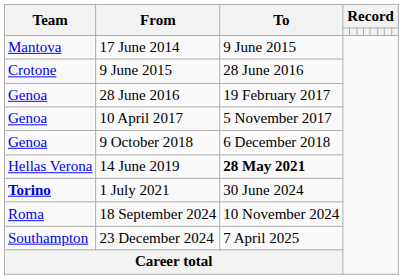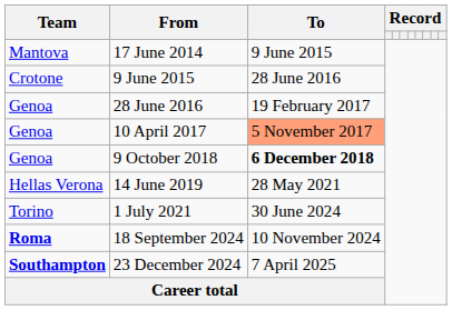 <table class="wikitable" style="text-align: center">
 <tr>
 <th rowspan="2">Team</th>
 <th rowspan="2">From</th>
 <th rowspan="2">To</th>
 <th colspan=8>Record</th>
 </tr>
 <tr>
 <th></th>
 <th></th>
 <th></th>
 <th></th>
 <th></th>
 <th></th>
 <th></th>
 <th></th>
 </tr>
 <tr>
 <td align=left><a href='#'>Mantova</a></td>
 <td align=left>17 June 2014</td>
 <td align=left>9 June 2015<br></td>
 </tr>
 <tr>
 <td align=left><a href='#'>Crotone</a></td>
 <td align=left>9 June 2015</td>
 <td align=left>28 June 2016<br></td>
 </tr>
 <tr>
 <td align=left><a href='#'>Genoa</a></td>
 <td align=left>28 June 2016</td>
 <td align=left>19 February 2017<br></td>
 </tr>
 <tr>
 <td align=left><a href='#'>Genoa</a></td>
 <td align=left>10 April 2017</td>
-<td align=left>5 November 2017<br></td>
+<td align=left style="background: lightsalmon;">5 November 2017<br></td>
 </tr>
 <tr>
 <td align=left><a href='#'>Genoa</a></td>
 <td align=left>9 October 2018</td>
-<td align=left>6 December 2018<br></td>
+<td align=left><strong>6 December 2018<br></strong></td>
 </tr>
 <tr>
 <td align=left><a href='#'>Hellas Verona</a></td>
 <td align=left>14 June 2019</td>
-<td align=left><strong>28 May 2021<br></strong></td>
+<td align=left>28 May 2021<br></td>
 </tr>
 <tr>
-<td align=left><strong><a href='#'>Torino</a></strong></td>
+<td align=left><a href='#'>Torino</a></td>
 <td align=left>1 July 2021</td>
 <td align=left>30 June 2024<br></td>
 </tr>
 <tr>
-<td align=left><a href='#'>Roma</a></td>
+<td align=left><strong><a href='#'>Roma</a></strong></td>
 <td align=left>18 September 2024</td>
 <td align=left>10 November 2024<br></td>
 </tr>
 <tr>
-<td align=left><a href='#'>Southampton</a></td>
+<td align=left><strong><a href='#'>Southampton</a></strong></td>
 <td align=left>23 December 2024</td>
 <td align=left>7 April 2025<br></td>
 </tr>
 <tr>
 <th colspan=3>Career total<br></th>
 </tr>
 </table>
